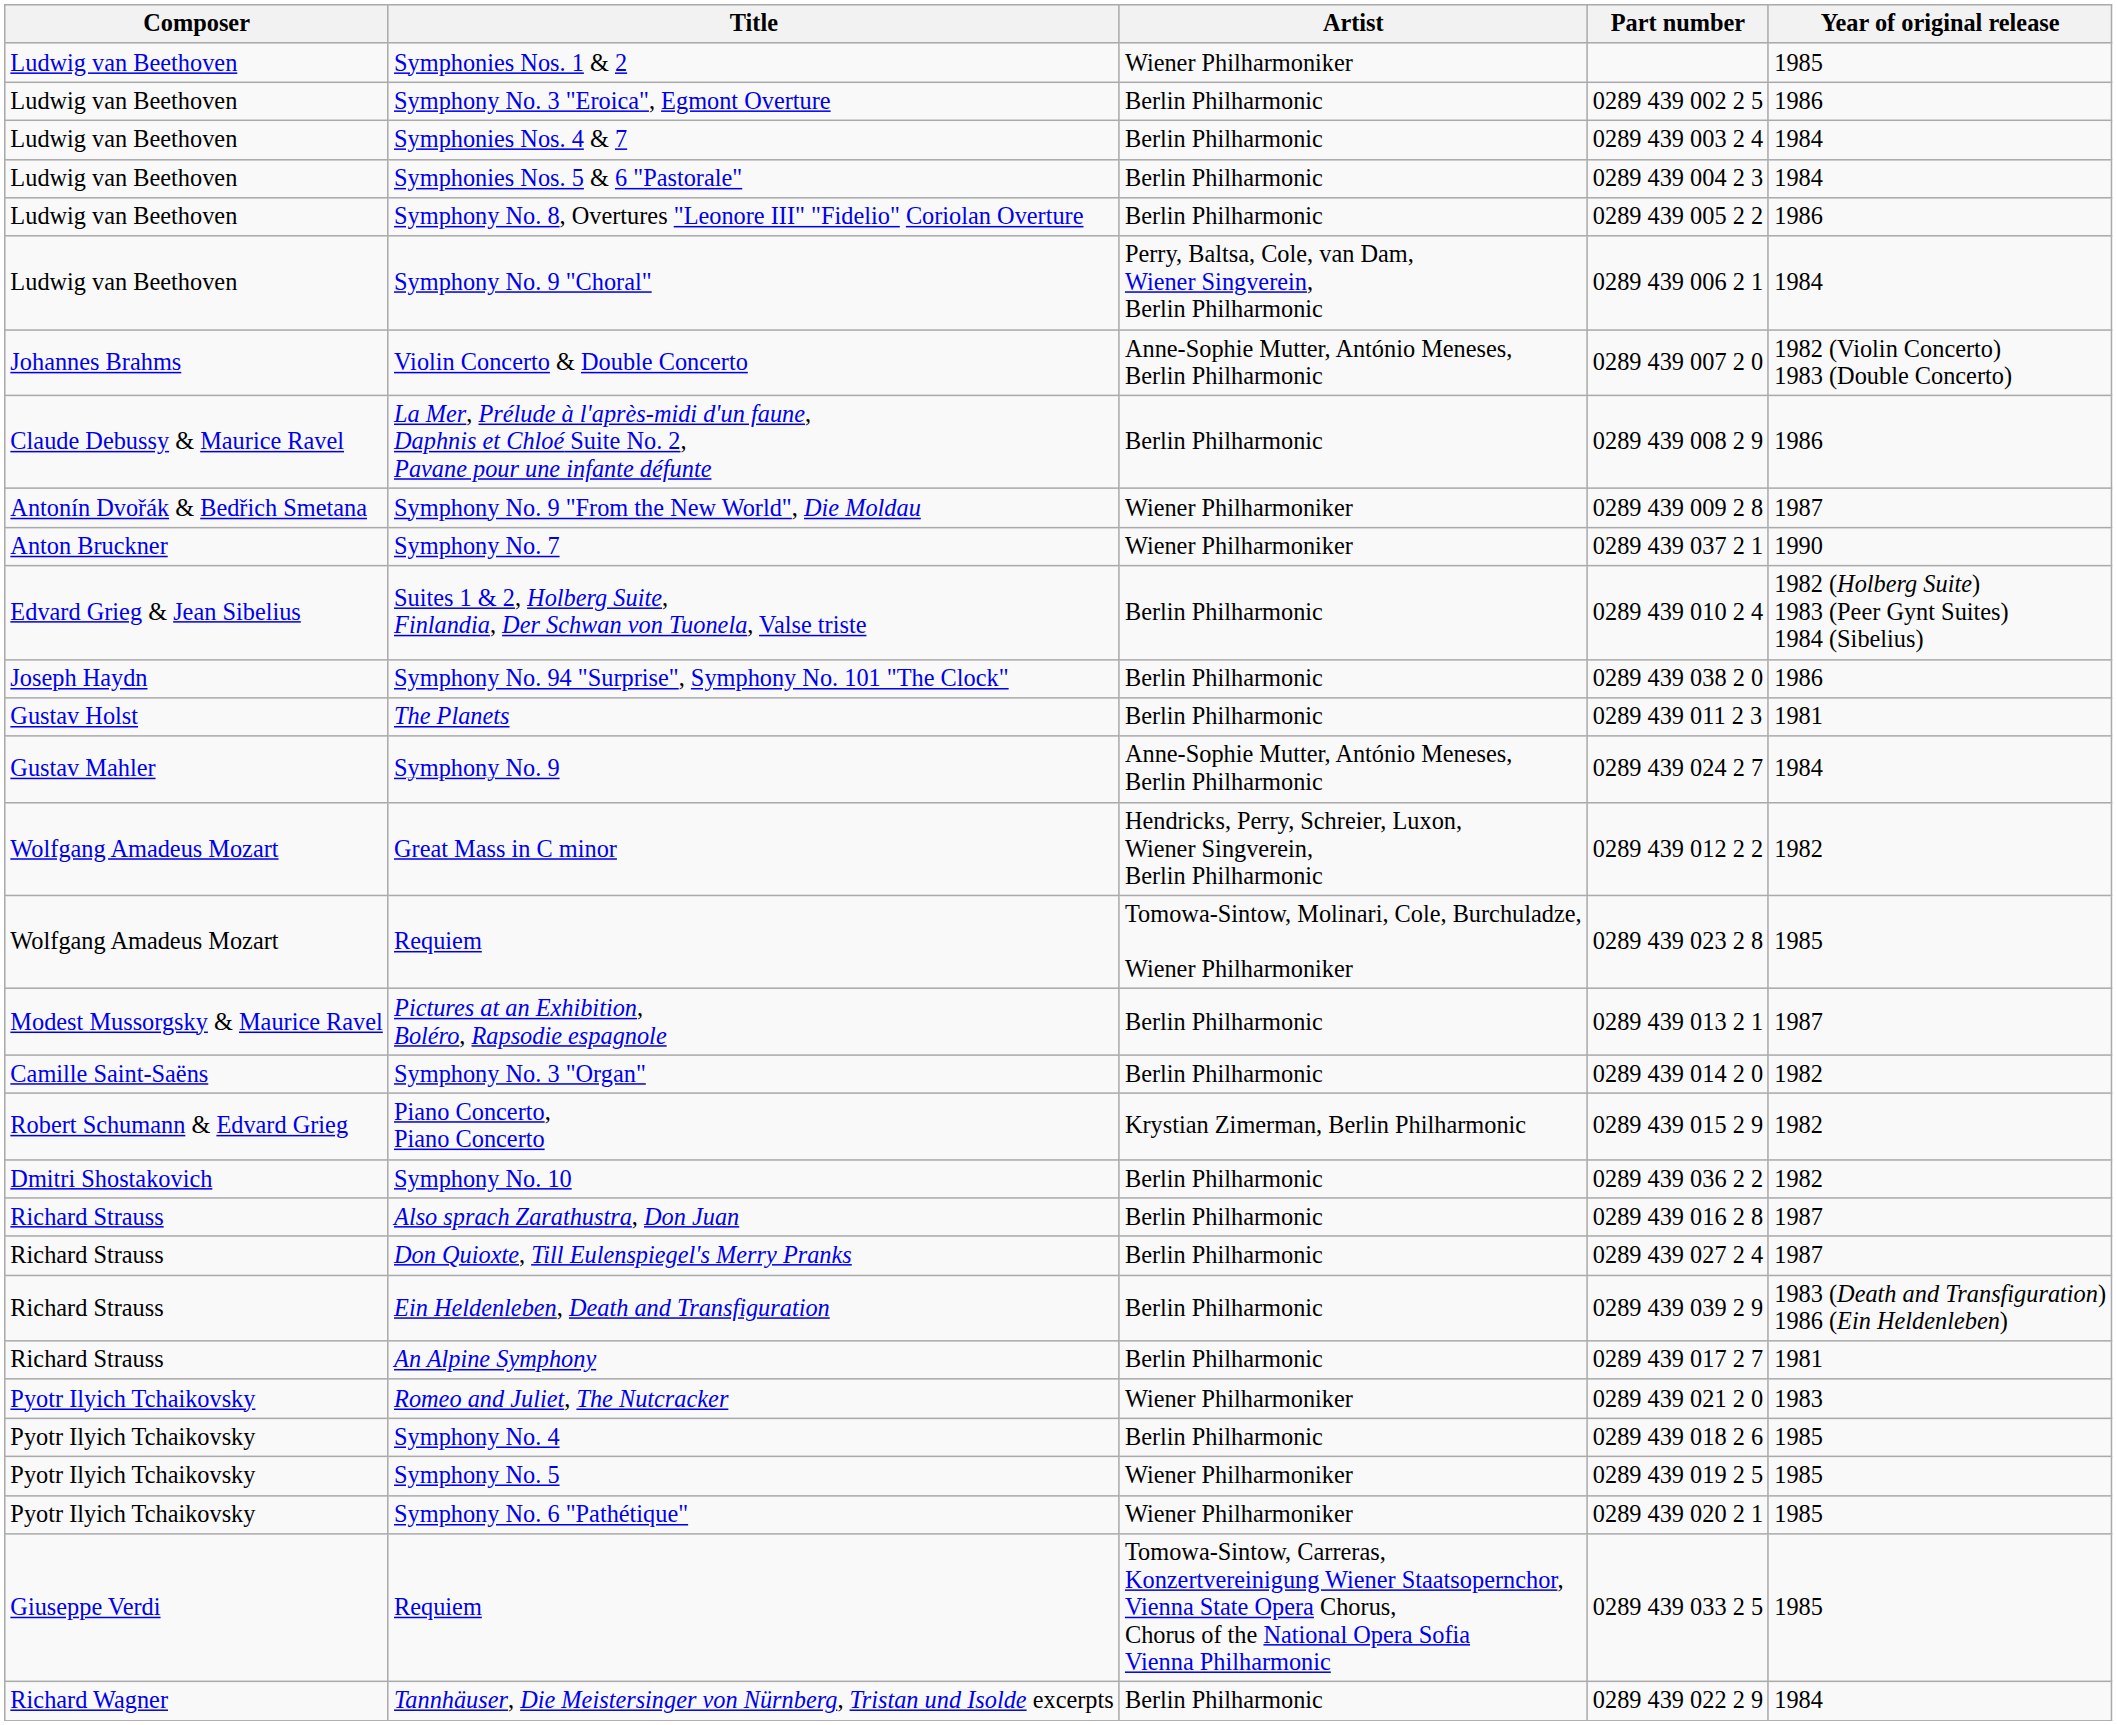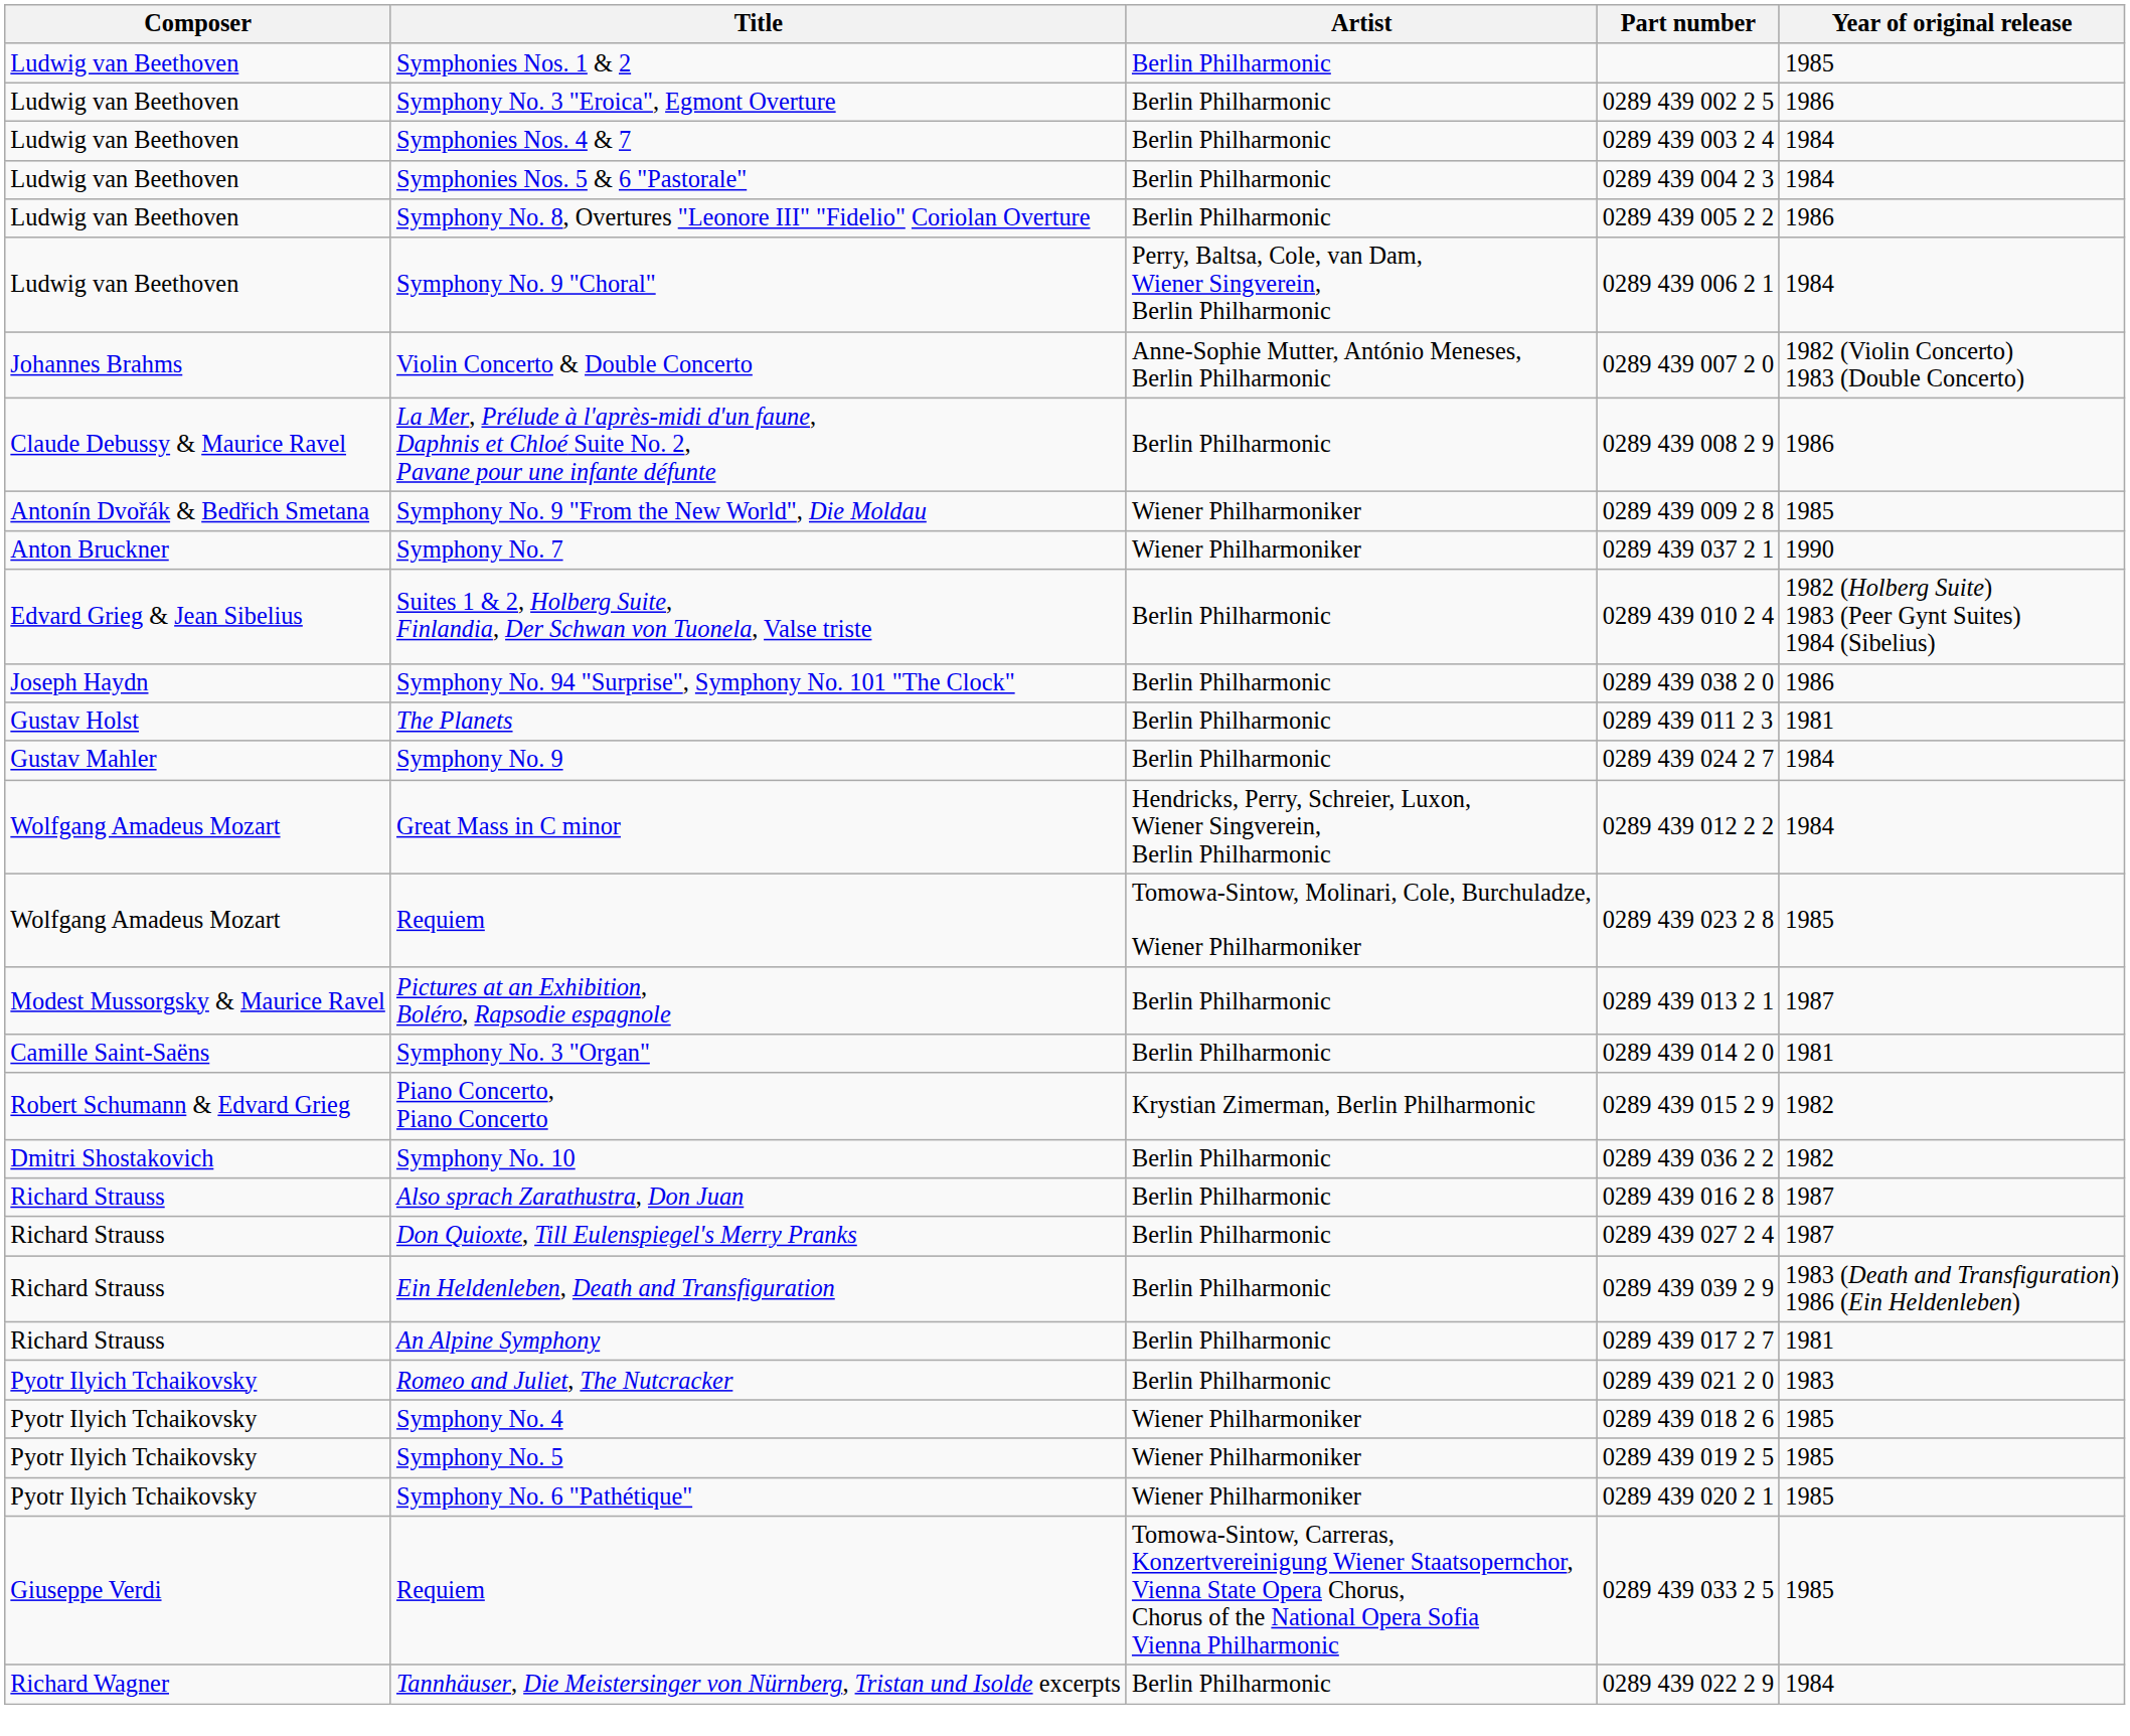 <table class="wikitable sortable">
 <tr>
 <th class="unsortable">Composer</th>
 <th class="unsortable">Title</th>
 <th class="unsortable">Artist</th>
 <th>Part number</th>
 <th>Year of original release</th>
 </tr>
 <tr>
 <td><a href='#'>Ludwig van Beethoven</a></td>
 <td><a href='#'>Symphonies Nos. 1</a> & <a href='#'>2</a></td>
-<td>Wiener Philharmoniker</td>
+<td><a href='#'>Berlin Philharmonic</a></td>
 <td></td>
 <td>1985</td>
 </tr>
 <tr>
 <td>Ludwig van Beethoven</td>
 <td><a href='#'>Symphony No. 3 "Eroica"</a>, <a href='#'>Egmont Overture</a></td>
 <td>Berlin Philharmonic</td>
 <td>0289 439 002 2 5</td>
 <td>1986</td>
 </tr>
 <tr>
 <td>Ludwig van Beethoven</td>
 <td><a href='#'>Symphonies Nos. 4</a> & <a href='#'>7</a></td>
 <td>Berlin Philharmonic</td>
 <td>0289 439 003 2 4</td>
 <td>1984</td>
 </tr>
 <tr>
 <td>Ludwig van Beethoven</td>
 <td><a href='#'>Symphonies Nos. 5</a> & <a href='#'>6 "Pastorale"</a></td>
 <td>Berlin Philharmonic</td>
 <td>0289 439 004 2 3</td>
 <td>1984</td>
 </tr>
 <tr>
 <td>Ludwig van Beethoven</td>
 <td><a href='#'>Symphony No. 8</a>, Overtures <a href='#'>"Leonore III" "Fidelio"</a> <a href='#'>Coriolan Overture</a></td>
 <td>Berlin Philharmonic</td>
 <td>0289 439 005 2 2</td>
 <td>1986</td>
 </tr>
 <tr>
 <td>Ludwig van Beethoven</td>
 <td><a href='#'>Symphony No. 9 "Choral"</a></td>
 <td>Perry, Baltsa, Cole, van Dam,<br><a href='#'>Wiener Singverein</a>,<br>Berlin Philharmonic</td>
 <td>0289 439 006 2 1</td>
 <td>1984</td>
 </tr>
 <tr>
 <td><a href='#'>Johannes Brahms</a></td>
 <td><a href='#'>Violin Concerto</a> & <a href='#'>Double Concerto</a></td>
 <td>Anne-Sophie Mutter, António Meneses,<br>Berlin Philharmonic</td>
 <td>0289 439 007 2 0</td>
 <td>1982 (Violin Concerto)<br>1983 (Double Concerto)</td>
 </tr>
 <tr>
 <td><a href='#'>Claude Debussy</a> & <a href='#'>Maurice Ravel</a></td>
 <td><em><a href='#'>La Mer</a></em>, <em><a href='#'>Prélude à l'après-midi d'un faune</a></em>,<br><a href='#'><em>Daphnis et Chloé</em> Suite No. 2</a>,<br><em><a href='#'>Pavane pour une infante défunte</a></em></td>
 <td>Berlin Philharmonic</td>
 <td>0289 439 008 2 9</td>
 <td>1986</td>
 </tr>
 <tr>
 <td><a href='#'>Antonín Dvořák</a> & <a href='#'>Bedřich Smetana</a></td>
 <td><a href='#'>Symphony No. 9 "From the New World"</a>, <em><a href='#'>Die Moldau</a></em></td>
 <td>Wiener Philharmoniker</td>
 <td>0289 439 009 2 8</td>
-<td>1987</td>
+<td>1985</td>
 </tr>
 <tr>
 <td><a href='#'>Anton Bruckner</a></td>
 <td><a href='#'>Symphony No. 7</a></td>
 <td>Wiener Philharmoniker</td>
 <td>0289 439 037 2 1</td>
 <td>1990</td>
 </tr>
 <tr>
 <td><a href='#'>Edvard Grieg</a> & <a href='#'>Jean Sibelius</a></td>
 <td><a href='#'>Suites 1 & 2</a>, <em><a href='#'>Holberg Suite</a></em>,<br><em><a href='#'>Finlandia</a></em>, <em><a href='#'>Der Schwan von Tuonela</a></em>, <a href='#'>Valse triste</a></td>
 <td>Berlin Philharmonic</td>
 <td>0289 439 010 2 4</td>
 <td>1982 (<em>Holberg Suite</em>)<br>1983 (Peer Gynt Suites)<br>1984 (Sibelius)</td>
 </tr>
 <tr>
 <td><a href='#'>Joseph Haydn</a></td>
 <td><a href='#'>Symphony No. 94 "Surprise"</a>, <a href='#'>Symphony No. 101 "The Clock"</a></td>
 <td>Berlin Philharmonic</td>
 <td>0289 439 038 2 0</td>
 <td>1986</td>
 </tr>
 <tr>
 <td><a href='#'>Gustav Holst</a></td>
 <td><em><a href='#'>The Planets</a></em></td>
 <td>Berlin Philharmonic</td>
 <td>0289 439 011 2 3</td>
 <td>1981</td>
 </tr>
 <tr>
 <td><a href='#'>Gustav Mahler</a></td>
 <td><a href='#'>Symphony No. 9</a></td>
-<td>Anne-Sophie Mutter, António Meneses,<br>Berlin Philharmonic</td>
+<td>Berlin Philharmonic</td>
 <td>0289 439 024 2 7</td>
 <td>1984</td>
 </tr>
 <tr>
 <td><a href='#'>Wolfgang Amadeus Mozart</a></td>
 <td><a href='#'>Great Mass in C minor</a></td>
 <td>Hendricks, Perry, Schreier, Luxon,<br>Wiener Singverein,<br>Berlin Philharmonic</td>
 <td>0289 439 012 2 2</td>
-<td>1982</td>
+<td>1984</td>
 </tr>
 <tr>
 <td>Wolfgang Amadeus Mozart</td>
 <td><a href='#'>Requiem</a></td>
 <td>Tomowa-Sintow, Molinari, Cole, Burchuladze,<br><br>Wiener Philharmoniker</td>
 <td>0289 439 023 2 8</td>
 <td>1985</td>
 </tr>
 <tr>
 <td><a href='#'>Modest Mussorgsky</a> & <a href='#'>Maurice Ravel</a></td>
 <td><em><a href='#'>Pictures at an Exhibition</a></em>,<br><em><a href='#'>Boléro</a></em>, <em><a href='#'>Rapsodie espagnole</a></em></td>
 <td>Berlin Philharmonic</td>
 <td>0289 439 013 2 1</td>
 <td>1987</td>
 </tr>
 <tr>
 <td><a href='#'>Camille Saint-Saëns</a></td>
 <td><a href='#'>Symphony No. 3 "Organ"</a></td>
 <td>Berlin Philharmonic</td>
 <td>0289 439 014 2 0</td>
-<td>1982</td>
+<td>1981</td>
 </tr>
 <tr>
 <td><a href='#'>Robert Schumann</a> & <a href='#'>Edvard Grieg</a></td>
 <td><a href='#'>Piano Concerto</a>,<br><a href='#'>Piano Concerto</a></td>
 <td>Krystian Zimerman, Berlin Philharmonic</td>
 <td>0289 439 015 2 9</td>
 <td>1982</td>
 </tr>
 <tr>
 <td><a href='#'>Dmitri Shostakovich</a></td>
 <td><a href='#'>Symphony No. 10</a></td>
 <td>Berlin Philharmonic</td>
 <td>0289 439 036 2 2</td>
 <td>1982</td>
 </tr>
 <tr>
 <td><a href='#'>Richard Strauss</a></td>
 <td><em><a href='#'>Also sprach Zarathustra</a></em>, <em><a href='#'>Don Juan</a></em></td>
 <td>Berlin Philharmonic</td>
 <td>0289 439 016 2 8</td>
 <td>1987</td>
 </tr>
 <tr>
 <td>Richard Strauss</td>
 <td><em><a href='#'>Don Quioxte</a></em>, <em><a href='#'>Till Eulenspiegel's Merry Pranks</a></em></td>
 <td>Berlin Philharmonic</td>
 <td>0289 439 027 2 4</td>
 <td>1987</td>
 </tr>
 <tr>
 <td>Richard Strauss</td>
 <td><em><a href='#'>Ein Heldenleben</a></em>, <em><a href='#'>Death and Transfiguration</a></em></td>
 <td>Berlin Philharmonic</td>
 <td>0289 439 039 2 9</td>
 <td>1983 (<em>Death and Transfiguration</em>)<br>1986 (<em>Ein Heldenleben</em>)</td>
 </tr>
 <tr>
 <td>Richard Strauss</td>
 <td><em><a href='#'>An Alpine Symphony</a></em></td>
 <td>Berlin Philharmonic</td>
 <td>0289 439 017 2 7</td>
 <td>1981</td>
 </tr>
 <tr>
 <td><a href='#'>Pyotr Ilyich Tchaikovsky</a></td>
 <td><em><a href='#'>Romeo and Juliet</a></em>, <em><a href='#'>The Nutcracker</a></em></td>
-<td>Wiener Philharmoniker</td>
+<td>Berlin Philharmonic</td>
 <td>0289 439 021 2 0</td>
 <td>1983</td>
 </tr>
 <tr>
 <td>Pyotr Ilyich Tchaikovsky</td>
 <td><a href='#'>Symphony No. 4</a></td>
-<td>Berlin Philharmonic</td>
+<td>Wiener Philharmoniker</td>
 <td>0289 439 018 2 6</td>
 <td>1985</td>
 </tr>
 <tr>
 <td>Pyotr Ilyich Tchaikovsky</td>
 <td><a href='#'>Symphony No. 5</a></td>
 <td>Wiener Philharmoniker</td>
 <td>0289 439 019 2 5</td>
 <td>1985</td>
 </tr>
 <tr>
 <td>Pyotr Ilyich Tchaikovsky</td>
 <td><a href='#'>Symphony No. 6 "Pathétique"</a></td>
 <td>Wiener Philharmoniker</td>
 <td>0289 439 020 2 1</td>
 <td>1985</td>
 </tr>
 <tr>
 <td><a href='#'>Giuseppe Verdi</a></td>
 <td><a href='#'>Requiem</a></td>
 <td>Tomowa-Sintow, Carreras,<br><a href='#'>Konzertvereinigung Wiener Staatsopernchor</a>,<br><a href='#'>Vienna State Opera</a> Chorus,<br>Chorus of the <a href='#'>National Opera Sofia</a><br><a href='#'>Vienna Philharmonic</a></td>
 <td>0289 439 033 2 5</td>
 <td>1985</td>
 </tr>
 <tr>
 <td><a href='#'>Richard Wagner</a></td>
 <td><em><a href='#'>Tannhäuser</a></em>, <em><a href='#'>Die Meistersinger von Nürnberg</a></em>, <em><a href='#'>Tristan und Isolde</a></em> excerpts</td>
 <td>Berlin Philharmonic</td>
 <td>0289 439 022 2 9</td>
 <td>1984</td>
 </tr>
 </table>
